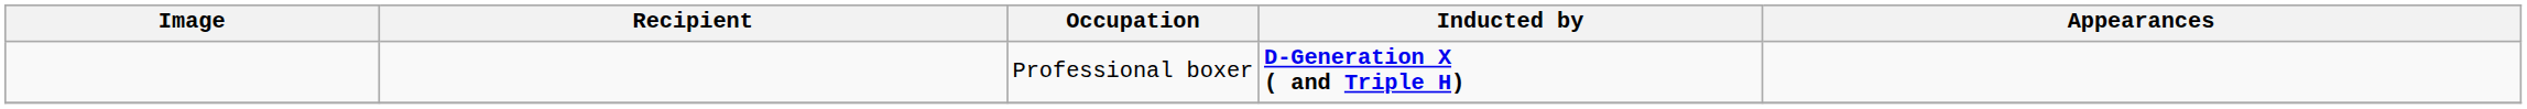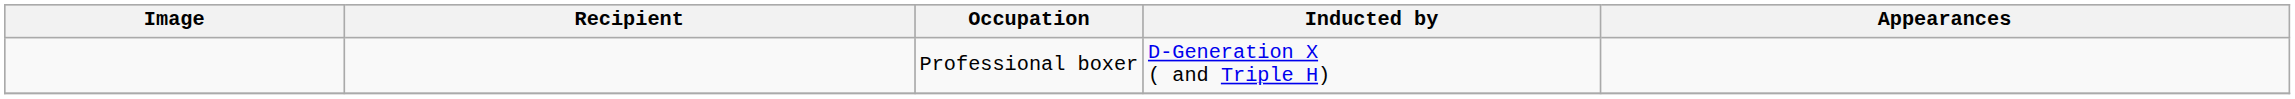 <table class="wikitable" style="font-size: 95%">
 <tr>
 <th class="unsortable">Image</th>
 <th style="width:25%;">Recipient<br></th>
 <th style="width:10%;">Occupation</th>
 <th style="width:20%;">Inducted by</th>
 <th class="unsortable">Appearances</th>
 </tr>
 <tr>
 <td></td>
 <td></td>
 <td>Professional boxer</td>
-<td><strong><a href='#'>D-Generation X</a><br>( and <a href='#'>Triple H</a>)</strong></td>
+<td><a href='#'>D-Generation X</a><br>( and <a href='#'>Triple H</a>)</td>
 <td></td>
 </tr>
 <tr>
 </tr>
 </table>
